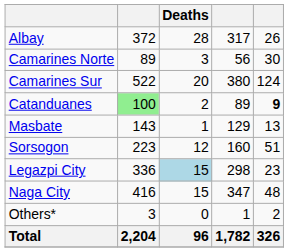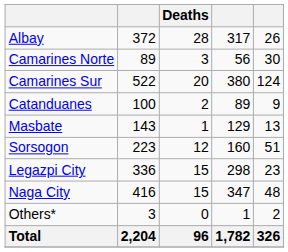 <table class="wikitable plainrowheaders sortable left" style="text-align:left; font-size:90%; width:auto; clear:center; margin:0 0 0.5em 1em;">
 <tr>
 <th></th>
 <th></th>
 <th>Deaths</th>
 <th></th>
 <th></th>
 </tr>
 <tr>
 <td><a href='#'>Albay</a></td>
 <td style="text-align:right;">372</td>
 <td style="text-align:right;">28</td>
 <td style="text-align:right;">317</td>
 <td style="text-align:right;">26</td>
 </tr>
 <tr>
 <td><a href='#'>Camarines Norte</a></td>
 <td style="text-align:right;">89</td>
 <td style="text-align:right;">3</td>
 <td style="text-align:right;">56</td>
 <td style="text-align:right;">30</td>
 </tr>
 <tr>
 <td><a href='#'>Camarines Sur</a></td>
 <td style="text-align:right;">522</td>
 <td style="text-align:right;">20</td>
 <td style="text-align:right;">380</td>
 <td style="text-align:right;">124</td>
 </tr>
 <tr>
 <td><a href='#'>Catanduanes</a></td>
-<td style="background: lightgreen; text-align:right;">100</td>
+<td style="text-align:right;">100</td>
 <td style="text-align:right;">2</td>
 <td style="text-align:right;">89</td>
-<td style="text-align:right;"><strong>9</strong></td>
+<td style="text-align:right;">9</td>
 </tr>
 <tr>
 <td><a href='#'>Masbate</a></td>
 <td style="text-align:right;">143</td>
 <td style="text-align:right;">1</td>
 <td style="text-align:right;">129</td>
 <td style="text-align:right;">13</td>
 </tr>
 <tr>
 <td><a href='#'>Sorsogon</a></td>
 <td style="text-align:right;">223</td>
 <td style="text-align:right;">12</td>
 <td style="text-align:right;">160</td>
 <td style="text-align:right;">51</td>
 </tr>
 <tr>
 <td><a href='#'>Legazpi City</a></td>
 <td style="text-align:right;">336</td>
-<td style="background: lightblue; text-align:right;">15</td>
+<td style="text-align:right;">15</td>
 <td style="text-align:right;">298</td>
 <td style="text-align:right;">23</td>
 </tr>
 <tr>
 <td><a href='#'>Naga City</a></td>
 <td style="text-align:right;">416</td>
 <td style="text-align:right;">15</td>
 <td style="text-align:right;">347</td>
 <td style="text-align:right;">48</td>
 </tr>
 <tr>
 <td>Others*</td>
 <td style="text-align:right;">3</td>
 <td style="text-align:right;">0</td>
 <td style="text-align:right;">1</td>
 <td style="text-align:right;">2</td>
 </tr>
 <tr class="sortbottom">
 <th style="text-align:left;">Total</th>
 <th style="text-align:right;"> 2,204</th>
 <th style="text-align:right;"> 96</th>
 <th style="text-align:right;"> 1,782</th>
 <th style="text-align:right;"> 326</th>
 </tr>
 <tr>
 </tr>
 </table>
